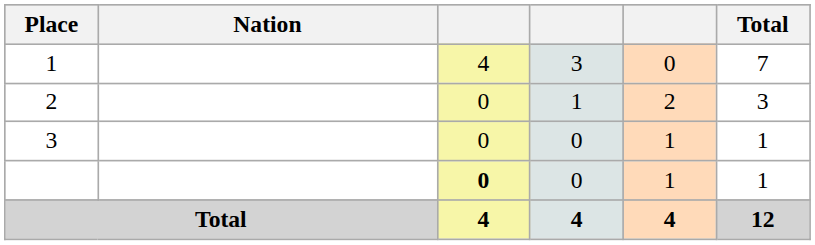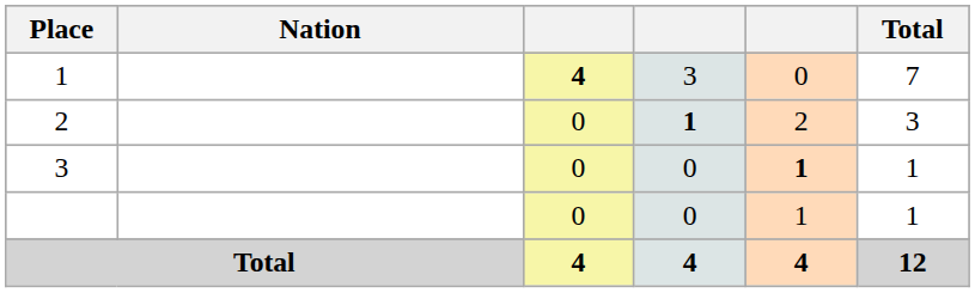 <table class=wikitable style="border:1px solid #AAAAAA;font-size:90%">
 <tr bgcolor="#EFEFEF">
 <th width=50>Place</th>
 <th width=200>Nation</th>
 <th width=50></th>
 <th width=50></th>
 <th width=50></th>
 <th width=50>Total</th>
 </tr>
 <tr align="center" valign="top" bgcolor="#FFFFFF">
 <td>1</td>
 <td align="left"></td>
-<td style="background:#F7F6A8;">4</td>
+<td style="background:#F7F6A8;"><strong>4</strong></td>
 <td style="background:#DCE5E5;">3</td>
 <td style="background:#FFDAB9;">0</td>
 <td>7</td>
 </tr>
 <tr align="center" valign="top" bgcolor="#FFFFFF">
 <td>2</td>
 <td align="left"></td>
 <td style="background:#F7F6A8;">0</td>
-<td style="background:#DCE5E5;">1</td>
+<td style="background:#DCE5E5;"><strong>1</strong></td>
 <td style="background:#FFDAB9;">2</td>
 <td>3</td>
 </tr>
 <tr align="center" valign="top" bgcolor="#FFFFFF">
 <td>3</td>
 <td align="left"></td>
 <td style="background:#F7F6A8;">0</td>
 <td style="background:#DCE5E5;">0</td>
-<td style="background:#FFDAB9;">1</td>
+<td style="background:#FFDAB9;"><strong>1</strong></td>
 <td>1</td>
 </tr>
 <tr align="center" valign="top" bgcolor="#FFFFFF">
 <td></td>
 <td align="left"></td>
-<td style="background:#F7F6A8;"><strong>0</strong></td>
+<td style="background:#F7F6A8;">0</td>
 <td style="background:#DCE5E5;">0</td>
 <td style="background:#FFDAB9;">1</td>
 <td>1</td>
 </tr>
 <tr align="center">
 <td colspan="2" bgcolor=D3D3D3><strong>Total</strong></td>
 <td style="background:#F7F6A8;"><strong>4</strong></td>
 <td style="background:#DCE5E5;"><strong>4</strong></td>
 <td style="background:#FFDAB9;"><strong>4</strong></td>
 <td bgcolor=D3D3D3><strong>12</strong></td>
 </tr>
 </table>
